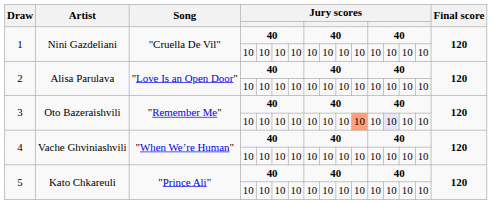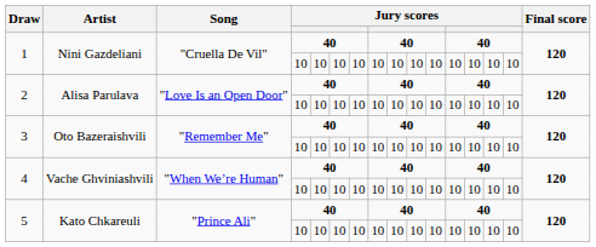 <table class="sortable wikitable" style="text-align:center;margin:1em auto 1em auto">
 <tr>
 <th rowspan="2" scope="col">Draw</th>
 <th rowspan="2" scope="col">Artist</th>
 <th rowspan="2" scope="col">Song</th>
 <th colspan="12" scope="col">Jury scores</th>
 <th rowspan="2" scope="col">Final score</th>
 </tr>
 <tr>
 <th colspan="4" class="unsortable" scope="col"><small></small></th>
 <th colspan="4" class="unsortable" scope="col"><small></small></th>
 <th colspan="4" class="unsortable" scope="col"><small></small></th>
 </tr>
 <tr>
 <td rowspan="2">1</td>
 <td rowspan="2">Nini Gazdeliani<br></td>
 <td rowspan="2">"Cruella De Vil"<br></td>
 <td colspan="4"><strong>40</strong></td>
 <td colspan="4"><strong>40</strong></td>
 <td colspan="4"><strong>40</strong></td>
 <td rowspan="2"><strong>120</strong></td>
 </tr>
 <tr>
 <td>10</td>
 <td>10</td>
 <td>10</td>
 <td>10</td>
 <td>10</td>
 <td>10</td>
 <td>10</td>
 <td>10</td>
 <td>10</td>
 <td>10</td>
 <td>10</td>
 <td>10</td>
 </tr>
 <tr>
 <td rowspan="2">2</td>
 <td rowspan="2">Alisa Parulava<br></td>
 <td rowspan="2">"<a href='#'>Love Is an Open Door</a>"<br></td>
 <td colspan="4"><strong>40</strong></td>
 <td colspan="4"><strong>40</strong></td>
 <td colspan="4"><strong>40</strong></td>
 <td rowspan="2"><strong>120</strong></td>
 </tr>
 <tr>
 <td>10</td>
 <td>10</td>
 <td>10</td>
 <td>10</td>
 <td>10</td>
 <td>10</td>
 <td>10</td>
 <td>10</td>
 <td>10</td>
 <td>10</td>
 <td>10</td>
 <td>10</td>
 </tr>
 <tr>
 <td rowspan="2">3</td>
 <td rowspan="2">Oto Bazeraishvili<br></td>
 <td rowspan="2">"<a href='#'>Remember Me</a>"<br></td>
 <td colspan="4"><strong>40</strong></td>
 <td colspan="4"><strong>40</strong></td>
 <td colspan="4"><strong>40</strong></td>
 <td rowspan="2"><strong>120</strong></td>
 </tr>
 <tr>
 <td>10</td>
 <td>10</td>
 <td>10</td>
 <td>10</td>
 <td>10</td>
 <td>10</td>
 <td>10</td>
-<td style="background: lightsalmon;">10</td>
 <td>10</td>
-<td style="background: lavender;">10</td>
+<td>10</td>
+<td>10</td>
 <td>10</td>
 <td>10</td>
 </tr>
 <tr>
 <td rowspan="2">4</td>
 <td rowspan="2">Vache Ghviniashvili<br></td>
 <td rowspan="2">"<a href='#'>When We’re Human</a>"<br></td>
 <td colspan="4"><strong>40</strong></td>
 <td colspan="4"><strong>40</strong></td>
 <td colspan="4"><strong>40</strong></td>
 <td rowspan="2"><strong>120</strong></td>
 </tr>
 <tr>
 <td>10</td>
 <td>10</td>
 <td>10</td>
 <td>10</td>
 <td>10</td>
 <td>10</td>
 <td>10</td>
 <td>10</td>
 <td>10</td>
 <td>10</td>
 <td>10</td>
 <td>10</td>
 </tr>
 <tr>
 <td rowspan="2">5</td>
 <td rowspan="2">Kato Chkareuli<br></td>
 <td rowspan="2">"<a href='#'>Prince Ali</a>"<br></td>
 <td colspan="4"><strong>40</strong></td>
 <td colspan="4"><strong>40</strong></td>
 <td colspan="4"><strong>40</strong></td>
 <td rowspan="2"><strong>120</strong></td>
 </tr>
 <tr>
 <td>10</td>
 <td>10</td>
 <td>10</td>
 <td>10</td>
 <td>10</td>
 <td>10</td>
 <td>10</td>
 <td>10</td>
 <td>10</td>
 <td>10</td>
 <td>10</td>
 <td>10</td>
 </tr>
 </table>
